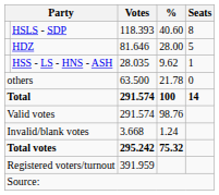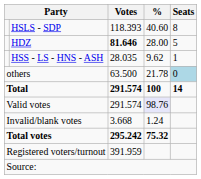 <table class="wikitable" style="text-align: left;">
 <tr>
 <th colspan="2">Party</th>
 <th>Votes</th>
 <th>%</th>
 <th>Seats</th>
 </tr>
 <tr>
 <td style="background-color: "></td>
 <td><a href='#'>HSLS</a> - <a href='#'>SDP</a></td>
 <td>118.393</td>
 <td>40.60</td>
 <td>8</td>
 </tr>
 <tr>
 <td style="background-color: "></td>
 <td><a href='#'>HDZ</a></td>
-<td>81.646</td>
+<td><strong>81.646</strong></td>
 <td>28.00</td>
 <td>5</td>
 </tr>
 <tr>
 <td style="background-color: "></td>
 <td><a href='#'>HSS</a> - <a href='#'>LS</a> - <a href='#'>HNS</a> - <a href='#'>ASH</a></td>
 <td>28.035</td>
 <td>9.62</td>
 <td>1</td>
 </tr>
 <tr>
 <td colspan="2">others</td>
 <td>63.500</td>
 <td>21.78</td>
-<td>0</td>
+<td style="background: lightblue;">0</td>
 </tr>
 <tr>
 <td colspan="2"><strong>Total</strong></td>
 <td><strong>291.574</strong></td>
 <td><strong>100</strong></td>
 <td><strong>14</strong></td>
 </tr>
 <tr>
 <td colspan="2">Valid votes</td>
 <td>291.574</td>
-<td>98.76</td>
+<td style="background: lavender;">98.76</td>
 <td></td>
 </tr>
 <tr>
 <td colspan="2">Invalid/blank votes</td>
 <td>3.668</td>
 <td>1.24</td>
 <td></td>
 </tr>
 <tr>
 <td colspan="2"><strong>Total votes</strong></td>
 <td><strong>295.242</strong></td>
 <td><strong>75.32</strong></td>
 <td></td>
 </tr>
 <tr>
 <td colspan="2">Registered voters/turnout</td>
 <td votes14="5343">391.959</td>
 <td></td>
 <td></td>
 </tr>
 <tr>
 <td colspan="5">Source: </td>
 </tr>
 </table>
